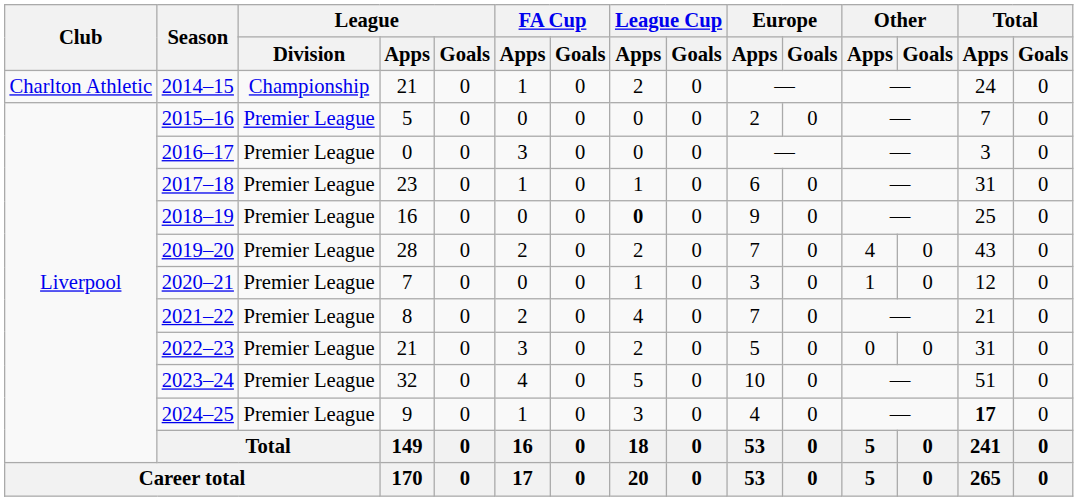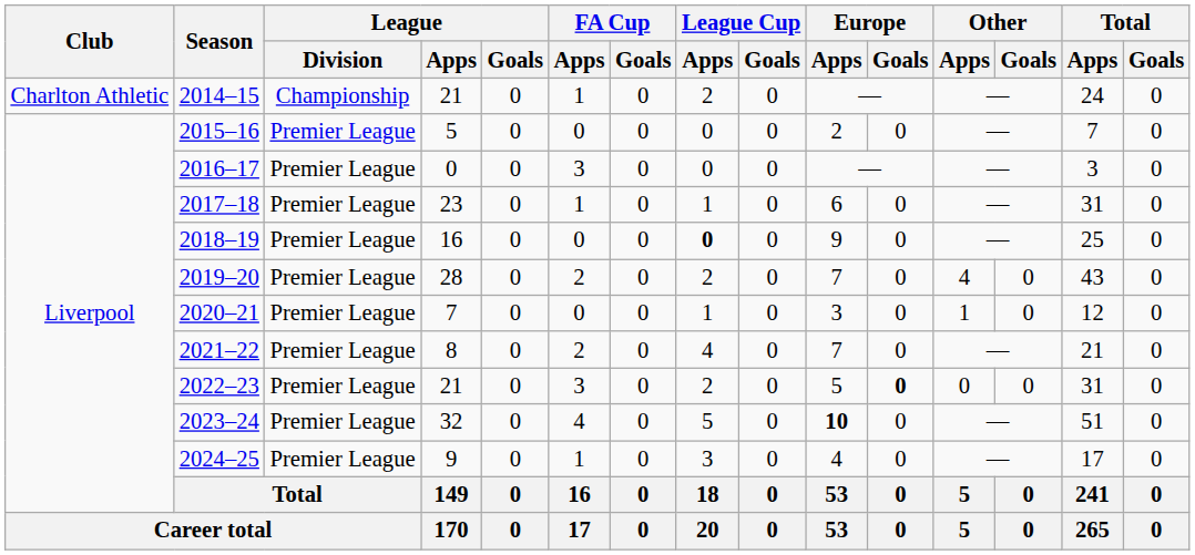 <table class="wikitable" style="text-align: center;">
 <tr>
 <th rowspan="2">Club</th>
 <th rowspan="2">Season</th>
 <th colspan="3">League</th>
 <th colspan="2"><a href='#'>FA Cup</a></th>
 <th colspan="2"><a href='#'>League Cup</a></th>
 <th colspan="2">Europe</th>
 <th colspan="2">Other</th>
 <th colspan="2">Total</th>
 </tr>
 <tr>
 <th>Division</th>
 <th>Apps</th>
 <th>Goals</th>
 <th>Apps</th>
 <th>Goals</th>
 <th>Apps</th>
 <th>Goals</th>
 <th>Apps</th>
 <th>Goals</th>
 <th>Apps</th>
 <th>Goals</th>
 <th>Apps</th>
 <th>Goals</th>
 </tr>
 <tr>
 <td><a href='#'>Charlton Athletic</a></td>
 <td><a href='#'>2014–15</a></td>
 <td><a href='#'>Championship</a></td>
 <td>21</td>
 <td>0</td>
 <td>1</td>
 <td>0</td>
 <td>2</td>
 <td>0</td>
 <td colspan="2">—</td>
 <td colspan="2">—</td>
 <td>24</td>
 <td>0</td>
 </tr>
 <tr>
 <td rowspan="11"><a href='#'>Liverpool</a></td>
 <td><a href='#'>2015–16</a></td>
 <td><a href='#'>Premier League</a></td>
 <td>5</td>
 <td>0</td>
 <td>0</td>
 <td>0</td>
 <td>0</td>
 <td>0</td>
 <td>2</td>
 <td>0</td>
 <td colspan="2">—</td>
 <td>7</td>
 <td>0</td>
 </tr>
 <tr>
 <td><a href='#'>2016–17</a></td>
 <td>Premier League</td>
 <td>0</td>
 <td>0</td>
 <td>3</td>
 <td>0</td>
 <td>0</td>
 <td>0</td>
 <td colspan="2">—</td>
 <td colspan="2">—</td>
 <td>3</td>
 <td>0</td>
 </tr>
 <tr>
 <td><a href='#'>2017–18</a></td>
 <td>Premier League</td>
 <td>23</td>
 <td>0</td>
 <td>1</td>
 <td>0</td>
 <td>1</td>
 <td>0</td>
 <td>6</td>
 <td>0</td>
 <td colspan="2">—</td>
 <td>31</td>
 <td>0</td>
 </tr>
 <tr>
 <td><a href='#'>2018–19</a></td>
 <td>Premier League</td>
 <td>16</td>
 <td>0</td>
 <td>0</td>
 <td>0</td>
 <td><strong>0</strong></td>
 <td>0</td>
 <td>9</td>
 <td>0</td>
 <td colspan="2">—</td>
 <td>25</td>
 <td>0</td>
 </tr>
 <tr>
 <td><a href='#'>2019–20</a></td>
 <td>Premier League</td>
 <td>28</td>
 <td>0</td>
 <td>2</td>
 <td>0</td>
 <td>2</td>
 <td>0</td>
 <td>7</td>
 <td>0</td>
 <td>4</td>
 <td>0</td>
 <td>43</td>
 <td>0</td>
 </tr>
 <tr>
 <td><a href='#'>2020–21</a></td>
 <td>Premier League</td>
 <td>7</td>
 <td>0</td>
 <td>0</td>
 <td>0</td>
 <td>1</td>
 <td>0</td>
 <td>3</td>
 <td>0</td>
 <td>1</td>
 <td>0</td>
 <td>12</td>
 <td>0</td>
 </tr>
 <tr>
 <td><a href='#'>2021–22</a></td>
 <td>Premier League</td>
 <td>8</td>
 <td>0</td>
 <td>2</td>
 <td>0</td>
 <td>4</td>
 <td>0</td>
 <td>7</td>
 <td>0</td>
 <td colspan="2">—</td>
 <td>21</td>
 <td>0</td>
 </tr>
 <tr>
 <td><a href='#'>2022–23</a></td>
 <td>Premier League</td>
 <td>21</td>
 <td>0</td>
 <td>3</td>
 <td>0</td>
 <td>2</td>
 <td>0</td>
 <td>5</td>
-<td>0</td>
+<td><strong>0</strong></td>
 <td>0</td>
 <td>0</td>
 <td>31</td>
 <td>0</td>
 </tr>
 <tr>
 <td><a href='#'>2023–24</a></td>
 <td>Premier League</td>
 <td>32</td>
 <td>0</td>
 <td>4</td>
 <td>0</td>
 <td>5</td>
 <td>0</td>
-<td>10</td>
+<td><strong>10</strong></td>
 <td>0</td>
 <td colspan="2">—</td>
 <td>51</td>
 <td>0</td>
 </tr>
 <tr>
 <td><a href='#'>2024–25</a></td>
 <td>Premier League</td>
 <td>9</td>
 <td>0</td>
 <td>1</td>
 <td>0</td>
 <td>3</td>
 <td>0</td>
 <td>4</td>
 <td>0</td>
 <td colspan="2">—</td>
-<td><strong>17</strong></td>
+<td>17</td>
 <td>0</td>
 </tr>
 <tr>
 <th colspan="2">Total</th>
 <th>149</th>
 <th>0</th>
 <th>16</th>
 <th>0</th>
 <th>18</th>
 <th>0</th>
 <th>53</th>
 <th>0</th>
 <th>5</th>
 <th>0</th>
 <th>241</th>
 <th>0</th>
 </tr>
 <tr>
 <th colspan="3">Career total</th>
 <th>170</th>
 <th>0</th>
 <th>17</th>
 <th>0</th>
 <th>20</th>
 <th>0</th>
 <th>53</th>
 <th>0</th>
 <th>5</th>
 <th>0</th>
 <th>265</th>
 <th>0</th>
 </tr>
 </table>
